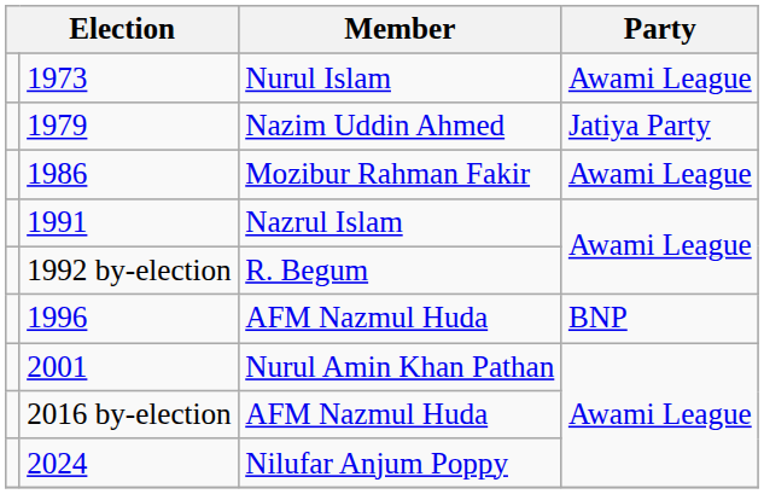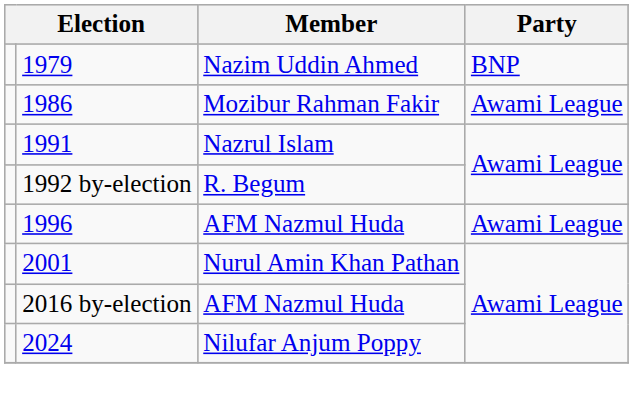 <table class="wikitable">
 <tr>
 <th colspan="2">Election</th>
 <th>Member</th>
 <th>Party</th>
 </tr>
 <tr>
 <td style="background-color:"></td>
-<td><a href='#'>1973</a></td>
-<td><a href='#'>Nurul Islam</a></td>
-<td><a href='#'>Awami League</a></td>
-</tr>
-<tr>
-<td style="background-color:"></td>
 <td><a href='#'>1979</a></td>
 <td><a href='#'>Nazim Uddin Ahmed</a></td>
-<td><a href='#'>Jatiya Party</a></td>
+<td><a href='#'>BNP</a></td>
 </tr>
 <tr>
 <td style="background-color:"></td>
 <td><a href='#'>1986</a></td>
 <td><a href='#'>Mozibur Rahman Fakir</a></td>
 <td><a href='#'>Awami League</a></td>
 </tr>
 <tr>
 <td style="background-color:"></td>
 <td><a href='#'>1991</a></td>
 <td><a href='#'>Nazrul Islam</a></td>
 <td rowspan="2"><a href='#'>Awami League</a></td>
 </tr>
 <tr>
 <td style="background-color:"></td>
 <td>1992 by-election</td>
 <td><a href='#'>R. Begum</a></td>
 </tr>
 <tr>
 <td style="background-color:"></td>
 <td><a href='#'>1996</a></td>
 <td><a href='#'>AFM Nazmul Huda</a></td>
-<td><a href='#'>BNP</a></td>
+<td><a href='#'>Awami League</a></td>
 </tr>
 <tr>
 <td style="background-color:"></td>
 <td><a href='#'>2001</a></td>
 <td><a href='#'>Nurul Amin Khan Pathan</a></td>
 <td rowspan="3"><a href='#'>Awami League</a></td>
 </tr>
 <tr>
 <td style="background-color:"></td>
 <td>2016 by-election</td>
 <td><a href='#'>AFM Nazmul Huda</a></td>
 </tr>
 <tr>
 <td style="background-color:"></td>
 <td><a href='#'>2024</a></td>
 <td><a href='#'>Nilufar Anjum Poppy</a></td>
 </tr>
 <tr>
 </tr>
 </table>
